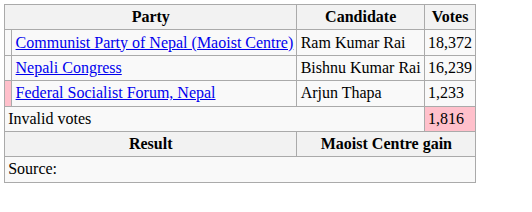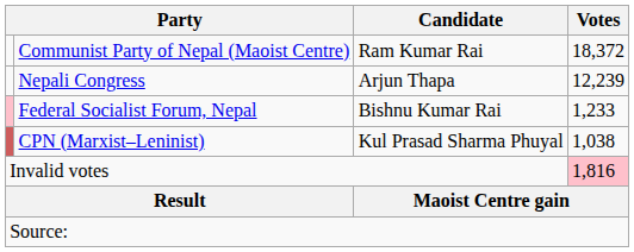 <table class="wikitable">
 <tr>
 <th colspan="2">Party</th>
 <th>Candidate</th>
 <th>Votes</th>
 </tr>
 <tr>
 <td style="background-color:"></td>
 <td><a href='#'>Communist Party of Nepal (Maoist Centre)</a></td>
 <td>Ram Kumar Rai</td>
 <td>18,372</td>
 </tr>
 <tr>
 <td style="background-color:"></td>
 <td><a href='#'>Nepali Congress</a></td>
-<td>Bishnu Kumar Rai</td>
-<td>16,239</td>
+<td>Arjun Thapa</td>
+<td>12,239</td>
 </tr>
 <tr>
 <td style="background-color:#ffc0cb"></td>
 <td><a href='#'>Federal Socialist Forum, Nepal</a></td>
-<td>Arjun Thapa</td>
+<td>Bishnu Kumar Rai</td>
 <td>1,233</td>
+</tr>
+<tr>
+<td style="background-color:indianred"></td>
+<td><a href='#'>CPN (Marxist–Leninist)</a></td>
+<td>Kul Prasad Sharma Phuyal</td>
+<td>1,038</td>
 </tr>
 <tr>
 <td colspan="3">Invalid votes</td>
 <td style="background: pink;">1,816</td>
 </tr>
 <tr>
 <th colspan="2">Result</th>
 <th colspan="2">Maoist Centre gain</th>
 </tr>
 <tr>
 <td colspan="4">Source: </td>
 </tr>
 </table>
